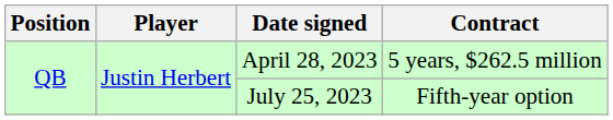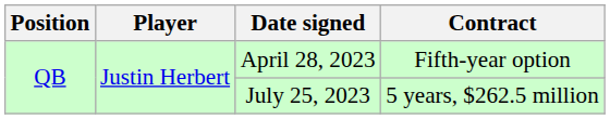 <table class="wikitable" style="text-align:center">
 <tr>
 <th>Position</th>
 <th>Player</th>
 <th>Date signed</th>
 <th>Contract</th>
 </tr>
 <tr style="background:#cfc">
 <td rowspan="2"><a href='#'>QB</a></td>
 <td rowspan="2"><a href='#'>Justin Herbert</a></td>
 <td>April 28, 2023</td>
-<td>5 years, $262.5 million</td>
+<td>Fifth-year option</td>
 </tr>
 <tr style="background:#cfc">
 <td>July 25, 2023</td>
-<td>Fifth-year option</td>
+<td>5 years, $262.5 million</td>
 </tr>
 </table>
